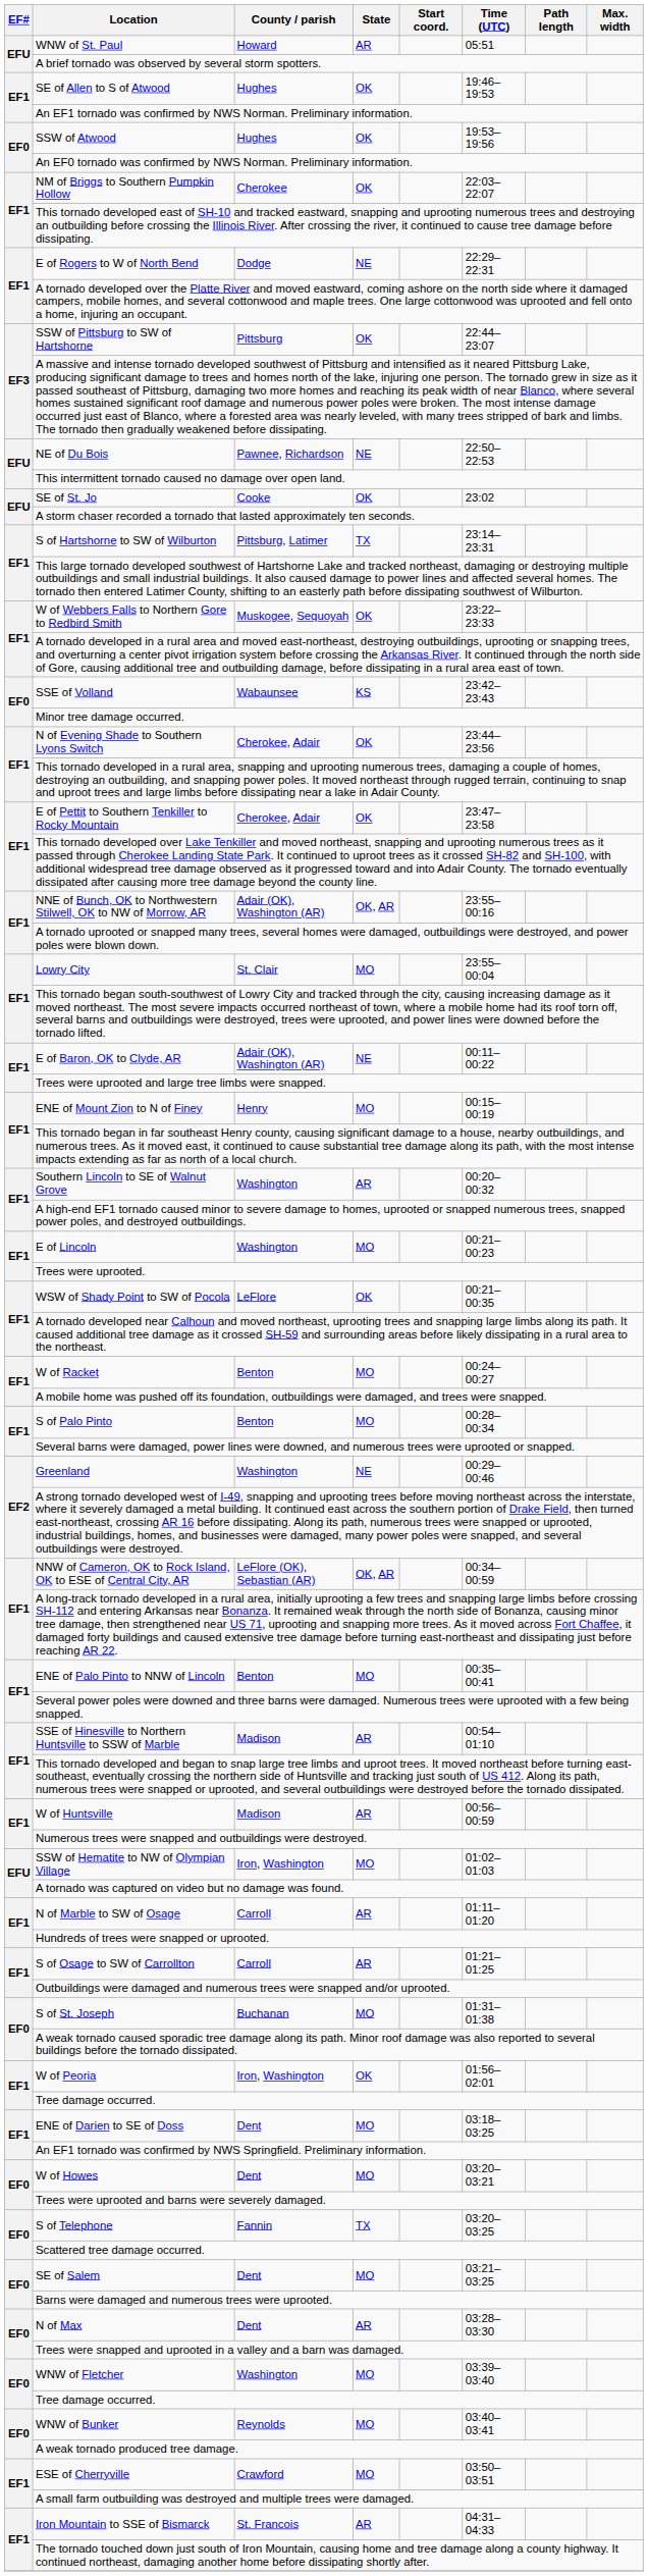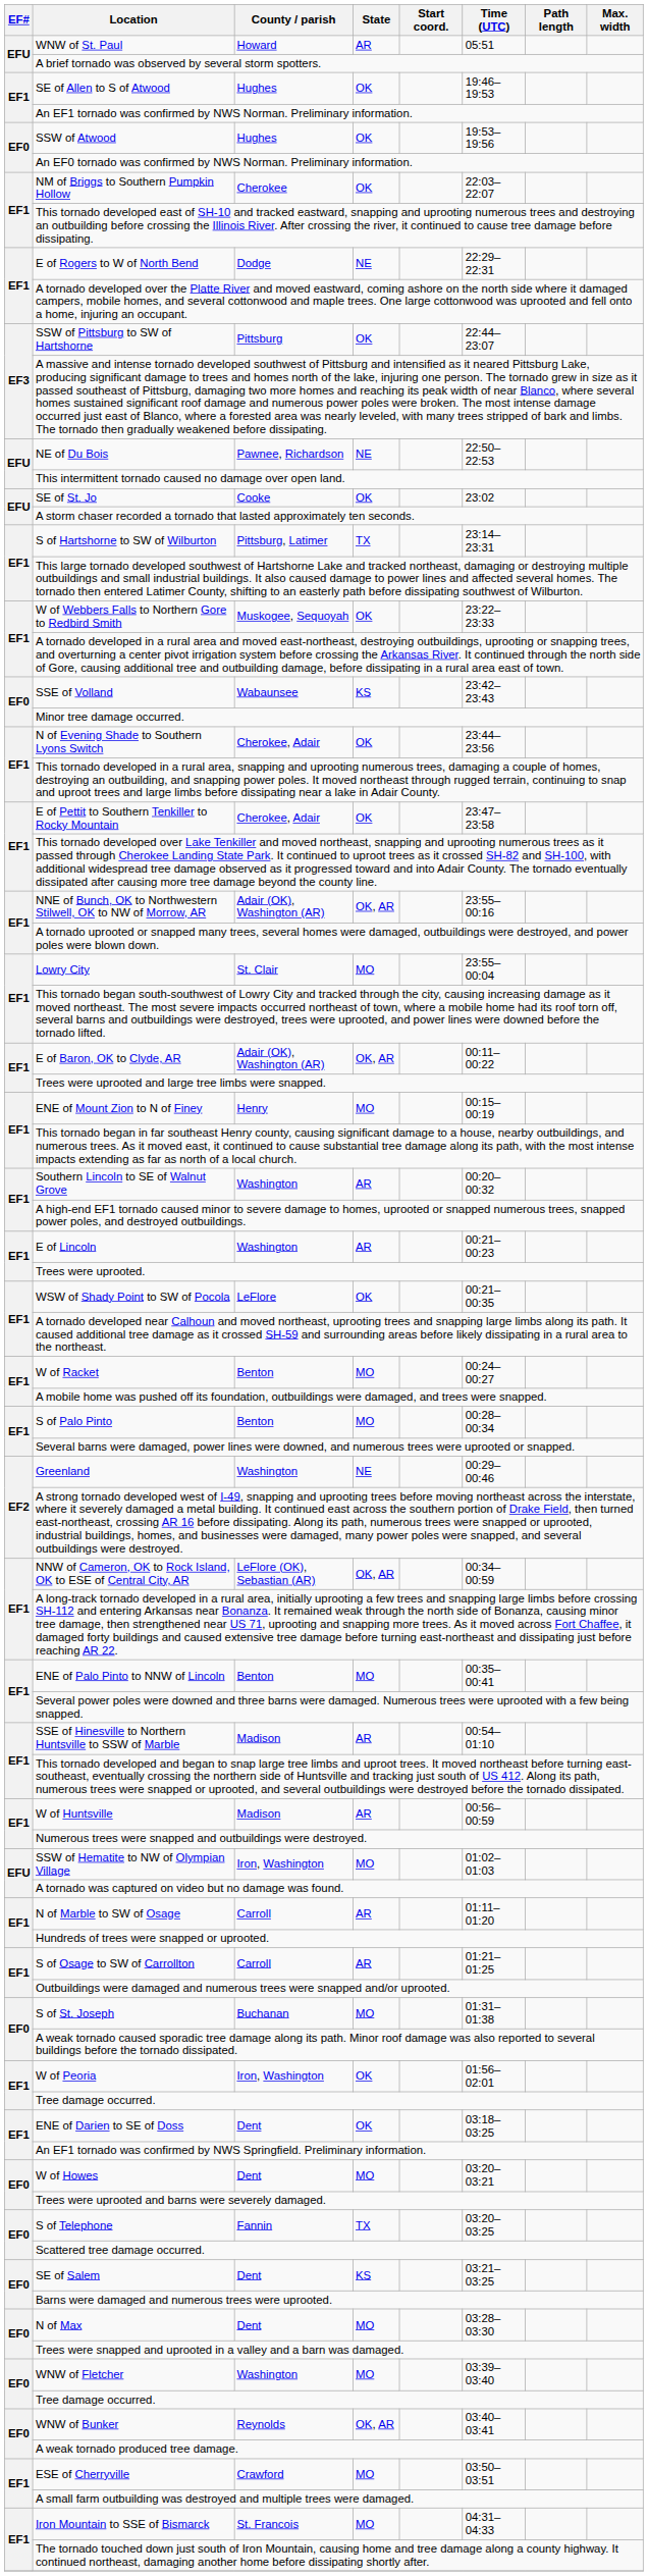 <table class="wikitable sortable" style="width:100%;">
 <tr>
 <th scope="col" width="2%" align="center"><a href='#'>EF#</a></th>
 <th scope="col" align="center" class="unsortable">Location</th>
 <th scope="col" align="center" class="unsortable">County / parish</th>
 <th scope="col" align="center">State</th>
 <th scope="col" align="center">Start coord.</th>
 <th scope="col" align="center">Time (<a href='#'>UTC</a>)</th>
 <th scope="col" align="center">Path length</th>
 <th scope="col" align="center">Max. width</th>
 </tr>
 <tr>
 <th scope="row" rowspan="2" style="background-color:#">EFU</th>
 <td>WNW of <a href='#'>St. Paul</a></td>
 <td><a href='#'>Howard</a></td>
 <td><a href='#'>AR</a></td>
 <td></td>
 <td>05:51</td>
 <td></td>
 <td></td>
 </tr>
 <tr class="expand-child">
 <td colspan="7" border-bottom: 1px solid black;>A brief tornado was observed by several storm spotters.</td>
 </tr>
 <tr>
 <th scope="row" rowspan="2" style="background-color:#">EF1</th>
 <td>SE of <a href='#'>Allen</a> to S of <a href='#'>Atwood</a></td>
 <td><a href='#'>Hughes</a></td>
 <td><a href='#'>OK</a></td>
 <td></td>
 <td>19:46–19:53</td>
 <td></td>
 <td></td>
 </tr>
 <tr class="expand-child">
 <td colspan="7" border-bottom: 1px solid black;>An EF1 tornado was confirmed by NWS Norman. Preliminary information.</td>
 </tr>
 <tr>
 <th scope="row" rowspan="2" style="background-color:#">EF0</th>
 <td>SSW of <a href='#'>Atwood</a></td>
 <td><a href='#'>Hughes</a></td>
 <td><a href='#'>OK</a></td>
 <td></td>
 <td>19:53–19:56</td>
 <td></td>
 <td></td>
 </tr>
 <tr class="expand-child">
 <td colspan="7" border-bottom: 1px solid black;>An EF0 tornado was confirmed by NWS Norman. Preliminary information.</td>
 </tr>
 <tr>
 <th scope="row" rowspan="2" style="background-color:#">EF1</th>
 <td>NM of <a href='#'>Briggs</a> to Southern <a href='#'>Pumpkin Hollow</a></td>
 <td><a href='#'>Cherokee</a></td>
 <td><a href='#'>OK</a></td>
 <td></td>
 <td>22:03–22:07</td>
 <td></td>
 <td></td>
 </tr>
 <tr class="expand-child">
 <td colspan="7" border-bottom: 1px solid black;>This tornado developed east of <a href='#'>SH-10</a> and tracked eastward, snapping and uprooting numerous trees and destroying an outbuilding before crossing the <a href='#'>Illinois River</a>. After crossing the river, it continued to cause tree damage before dissipating.</td>
 </tr>
 <tr>
 <th scope="row" rowspan="2" style="background-color:#">EF1</th>
 <td>E of <a href='#'>Rogers</a> to W of <a href='#'>North Bend</a></td>
 <td><a href='#'>Dodge</a></td>
 <td><a href='#'>NE</a></td>
 <td></td>
 <td>22:29–22:31</td>
 <td></td>
 <td></td>
 </tr>
 <tr class="expand-child">
 <td colspan="7" border-bottom: 1px solid black;>A tornado developed over the <a href='#'>Platte River</a> and moved eastward, coming ashore on the north side where it damaged campers, mobile homes, and several cottonwood and maple trees. One large cottonwood was uprooted and fell onto a home, injuring an occupant.</td>
 </tr>
 <tr>
 <th scope="row" rowspan="2" style="background-color:#">EF3</th>
 <td>SSW of <a href='#'>Pittsburg</a> to SW of <a href='#'>Hartshorne</a></td>
 <td><a href='#'>Pittsburg</a></td>
 <td><a href='#'>OK</a></td>
 <td></td>
 <td>22:44–23:07</td>
 <td></td>
 <td></td>
 </tr>
 <tr class="expand-child">
 <td colspan="7" border-bottom: 1px solid black;>A massive and intense tornado developed southwest of Pittsburg and intensified as it neared Pittsburg Lake, producing significant damage to trees and homes north of the lake, injuring one person. The tornado grew in size as it passed southeast of Pittsburg, damaging two more homes and reaching its peak width of  near <a href='#'>Blanco</a>, where several homes sustained significant roof damage and numerous power poles were broken. The most intense damage occurred just east of Blanco, where a forested area was nearly leveled, with many trees stripped of bark and limbs. The tornado then gradually weakened before dissipating.</td>
 </tr>
 <tr>
 <th scope="row" rowspan="2" style="background-color:#">EFU</th>
 <td>NE of <a href='#'>Du Bois</a></td>
 <td><a href='#'>Pawnee</a>, <a href='#'>Richardson</a></td>
 <td><a href='#'>NE</a></td>
 <td></td>
 <td>22:50–22:53</td>
 <td></td>
 <td></td>
 </tr>
 <tr class="expand-child">
 <td colspan="7" border-bottom: 1px solid black;>This intermittent tornado caused no damage over open land.</td>
 </tr>
 <tr>
 <th scope="row" rowspan="2" style="background-color:#">EFU</th>
 <td>SE of <a href='#'>St. Jo</a></td>
 <td><a href='#'>Cooke</a></td>
 <td><a href='#'>OK</a></td>
 <td></td>
 <td>23:02</td>
 <td></td>
 <td></td>
 </tr>
 <tr class="expand-child">
 <td colspan="7" border-bottom: 1px solid black;>A storm chaser recorded a tornado that lasted approximately ten seconds.</td>
 </tr>
 <tr>
 <th scope="row" rowspan="2" style="background-color:#">EF1</th>
 <td>S of <a href='#'>Hartshorne</a> to SW of <a href='#'>Wilburton</a></td>
 <td><a href='#'>Pittsburg</a>, <a href='#'>Latimer</a></td>
 <td><a href='#'>TX</a></td>
 <td></td>
 <td>23:14–23:31</td>
 <td></td>
 <td></td>
 </tr>
 <tr class="expand-child">
 <td colspan="7" border-bottom: 1px solid black;>This large tornado developed southwest of Hartshorne Lake and tracked northeast, damaging or destroying multiple outbuildings and small industrial buildings. It also caused damage to power lines and affected several homes. The tornado then entered Latimer County, shifting to an easterly path before dissipating southwest of Wilburton.</td>
 </tr>
 <tr>
 <th scope="row" rowspan="2" style="background-color:#">EF1</th>
 <td>W of <a href='#'>Webbers Falls</a> to Northern <a href='#'>Gore</a> to <a href='#'>Redbird Smith</a></td>
 <td><a href='#'>Muskogee</a>, <a href='#'>Sequoyah</a></td>
 <td><a href='#'>OK</a></td>
 <td></td>
 <td>23:22–23:33</td>
 <td></td>
 <td></td>
 </tr>
 <tr class="expand-child">
 <td colspan="7" border-bottom: 1px solid black;>A tornado developed in a rural area and moved east-northeast, destroying outbuildings, uprooting or snapping trees, and overturning a center pivot irrigation system before crossing the <a href='#'>Arkansas River</a>. It continued through the north side of Gore, causing additional tree and outbuilding damage, before dissipating in a rural area east of town.</td>
 </tr>
 <tr>
 <th scope="row" rowspan="2" style="background-color:#">EF0</th>
 <td>SSE of <a href='#'>Volland</a></td>
 <td><a href='#'>Wabaunsee</a></td>
 <td><a href='#'>KS</a></td>
 <td></td>
 <td>23:42–23:43</td>
 <td></td>
 <td></td>
 </tr>
 <tr class="expand-child">
 <td colspan="7" border-bottom: 1px solid black;>Minor tree damage occurred.</td>
 </tr>
 <tr>
 <th scope="row" rowspan="2" style="background-color:#">EF1</th>
 <td>N of <a href='#'>Evening Shade</a> to Southern <a href='#'>Lyons Switch</a></td>
 <td><a href='#'>Cherokee</a>, <a href='#'>Adair</a></td>
 <td><a href='#'>OK</a></td>
 <td></td>
 <td>23:44–23:56</td>
 <td></td>
 <td></td>
 </tr>
 <tr class="expand-child">
 <td colspan="7" border-bottom: 1px solid black;>This tornado developed in a rural area, snapping and uprooting numerous trees, damaging a couple of homes, destroying an outbuilding, and snapping power poles. It moved northeast through rugged terrain, continuing to snap and uproot trees and large limbs before dissipating near a lake in Adair County.</td>
 </tr>
 <tr>
 <th scope="row" rowspan="2" style="background-color:#">EF1</th>
 <td>E of <a href='#'>Pettit</a> to Southern <a href='#'>Tenkiller</a> to <a href='#'>Rocky Mountain</a></td>
 <td><a href='#'>Cherokee</a>, <a href='#'>Adair</a></td>
 <td><a href='#'>OK</a></td>
 <td></td>
 <td>23:47–23:58</td>
 <td></td>
 <td></td>
 </tr>
 <tr class="expand-child">
 <td colspan="7" border-bottom: 1px solid black;>This tornado developed over <a href='#'>Lake Tenkiller</a> and moved northeast, snapping and uprooting numerous trees as it passed through <a href='#'>Cherokee Landing State Park</a>. It continued to uproot trees as it crossed <a href='#'>SH-82</a> and <a href='#'>SH-100</a>, with additional widespread tree damage observed as it progressed toward and into Adair County. The tornado eventually dissipated after causing more tree damage beyond the county line.</td>
 </tr>
 <tr>
 <th scope="row" rowspan="2" style="background-color:#">EF1</th>
 <td>NNE of <a href='#'>Bunch, OK</a> to Northwestern <a href='#'>Stilwell, OK</a> to NW of <a href='#'>Morrow, AR</a></td>
 <td><a href='#'>Adair (OK)</a>, <a href='#'>Washington (AR)</a></td>
 <td><a href='#'>OK</a>, <a href='#'>AR</a></td>
 <td></td>
 <td>23:55–00:16</td>
 <td></td>
 <td></td>
 </tr>
 <tr class="expand-child">
 <td colspan="7" border-bottom: 1px solid black;>A tornado uprooted or snapped many trees, several homes were damaged, outbuildings were destroyed, and power poles were blown down.</td>
 </tr>
 <tr>
 <th scope="row" rowspan="2" style="background-color:#">EF1</th>
 <td><a href='#'>Lowry City</a></td>
 <td><a href='#'>St. Clair</a></td>
 <td><a href='#'>MO</a></td>
 <td></td>
 <td>23:55–00:04</td>
 <td></td>
 <td></td>
 </tr>
 <tr class="expand-child">
 <td colspan="7" border-bottom: 1px solid black;>This tornado began south-southwest of Lowry City and tracked through the city, causing increasing damage as it moved northeast. The most severe impacts occurred northeast of town, where a mobile home had its roof torn off, several barns and outbuildings were destroyed, trees were uprooted, and power lines were downed before the tornado lifted.</td>
 </tr>
 <tr>
 <th scope="row" rowspan="2" style="background-color:#">EF1</th>
 <td>E of <a href='#'>Baron, OK</a> to <a href='#'>Clyde, AR</a></td>
 <td><a href='#'>Adair (OK)</a>, <a href='#'>Washington (AR)</a></td>
-<td><a href='#'>NE</a></td>
+<td><a href='#'>OK</a>, <a href='#'>AR</a></td>
 <td></td>
 <td>00:11–00:22</td>
 <td></td>
 <td></td>
 </tr>
 <tr class="expand-child">
 <td colspan="7" border-bottom: 1px solid black;>Trees were uprooted and large tree limbs were snapped.</td>
 </tr>
 <tr>
 <th scope="row" rowspan="2" style="background-color:#">EF1</th>
 <td>ENE of <a href='#'>Mount Zion</a> to N of <a href='#'>Finey</a></td>
 <td><a href='#'>Henry</a></td>
 <td><a href='#'>MO</a></td>
 <td></td>
 <td>00:15–00:19</td>
 <td></td>
 <td></td>
 </tr>
 <tr class="expand-child">
 <td colspan="7" border-bottom: 1px solid black;>This tornado began in far southeast Henry county, causing significant damage to a house, nearby outbuildings, and numerous trees. As it moved east, it continued to cause substantial tree damage along its path, with the most intense impacts extending as far as north of a local church.</td>
 </tr>
 <tr>
 <th scope="row" rowspan="2" style="background-color:#">EF1</th>
 <td>Southern <a href='#'>Lincoln</a> to SE of <a href='#'>Walnut Grove</a></td>
 <td><a href='#'>Washington</a></td>
 <td><a href='#'>AR</a></td>
 <td></td>
 <td>00:20–00:32</td>
 <td></td>
 <td></td>
 </tr>
 <tr class="expand-child">
 <td colspan="7" border-bottom: 1px solid black;>A high-end EF1 tornado caused minor to severe damage to homes, uprooted or snapped numerous trees, snapped power poles, and destroyed outbuildings.</td>
 </tr>
 <tr>
 <th scope="row" rowspan="2" style="background-color:#">EF1</th>
 <td>E of <a href='#'>Lincoln</a></td>
 <td><a href='#'>Washington</a></td>
-<td><a href='#'>MO</a></td>
+<td><a href='#'>AR</a></td>
 <td></td>
 <td>00:21–00:23</td>
 <td></td>
 <td></td>
 </tr>
 <tr class="expand-child">
 <td colspan="7" border-bottom: 1px solid black;>Trees were uprooted.</td>
 </tr>
 <tr>
 <th scope="row" rowspan="2" style="background-color:#">EF1</th>
 <td>WSW of <a href='#'>Shady Point</a> to SW of <a href='#'>Pocola</a></td>
 <td><a href='#'>LeFlore</a></td>
 <td><a href='#'>OK</a></td>
 <td></td>
 <td>00:21–00:35</td>
 <td></td>
 <td></td>
 </tr>
 <tr class="expand-child">
 <td colspan="7" border-bottom: 1px solid black;>A tornado developed near <a href='#'>Calhoun</a> and moved northeast, uprooting trees and snapping large limbs along its path. It caused additional tree damage as it crossed <a href='#'>SH-59</a> and surrounding areas before likely dissipating in a rural area to the northeast.</td>
 </tr>
 <tr>
 <th scope="row" rowspan="2" style="background-color:#">EF1</th>
 <td>W of <a href='#'>Racket</a></td>
 <td><a href='#'>Benton</a></td>
 <td><a href='#'>MO</a></td>
 <td></td>
 <td>00:24–00:27</td>
 <td></td>
 <td></td>
 </tr>
 <tr class="expand-child">
 <td colspan="7" border-bottom: 1px solid black;>A mobile home was pushed off its foundation, outbuildings were damaged, and trees were snapped.</td>
 </tr>
 <tr>
 <th scope="row" rowspan="2" style="background-color:#">EF1</th>
 <td>S of <a href='#'>Palo Pinto</a></td>
 <td><a href='#'>Benton</a></td>
 <td><a href='#'>MO</a></td>
 <td></td>
 <td>00:28–00:34</td>
 <td></td>
 <td></td>
 </tr>
 <tr class="expand-child">
 <td colspan="7" border-bottom: 1px solid black;>Several barns were damaged, power lines were downed, and numerous trees were uprooted or snapped.</td>
 </tr>
 <tr>
 <th scope="row" rowspan="2" style="background-color:#">EF2</th>
 <td><a href='#'>Greenland</a></td>
 <td><a href='#'>Washington</a></td>
 <td><a href='#'>NE</a></td>
 <td></td>
 <td>00:29–00:46</td>
 <td></td>
 <td></td>
 </tr>
 <tr class="expand-child">
 <td colspan="7" border-bottom: 1px solid black;>A strong tornado developed west of <a href='#'>I-49</a>, snapping and uprooting trees before moving northeast across the interstate, where it severely damaged a metal building. It continued east across the southern portion of <a href='#'>Drake Field</a>, then turned east-northeast, crossing <a href='#'>AR 16</a> before dissipating. Along its path, numerous trees were snapped or uprooted, industrial buildings, homes, and businesses were damaged, many power poles were snapped, and several outbuildings were destroyed.</td>
 </tr>
 <tr>
 <th scope="row" rowspan="2" style="background-color:#">EF1</th>
 <td>NNW of <a href='#'>Cameron, OK</a> to <a href='#'>Rock Island, OK</a> to ESE of <a href='#'>Central City, AR</a></td>
 <td><a href='#'>LeFlore (OK)</a>, <a href='#'>Sebastian (AR)</a></td>
 <td><a href='#'>OK</a>, <a href='#'>AR</a></td>
 <td></td>
 <td>00:34–00:59</td>
 <td></td>
 <td></td>
 </tr>
 <tr class="expand-child">
 <td colspan="7" border-bottom: 1px solid black;>A long-track tornado developed in a rural area, initially uprooting a few trees and snapping large limbs before crossing <a href='#'>SH-112</a> and entering Arkansas near <a href='#'>Bonanza</a>. It remained weak through the north side of Bonanza, causing minor tree damage, then strengthened near <a href='#'>US 71</a>, uprooting and snapping more trees. As it moved across <a href='#'>Fort Chaffee</a>, it damaged forty buildings and caused extensive tree damage before turning east-northeast and dissipating just before reaching <a href='#'>AR 22</a>.</td>
 </tr>
 <tr>
 <th scope="row" rowspan="2" style="background-color:#">EF1</th>
 <td>ENE of <a href='#'>Palo Pinto</a> to NNW of <a href='#'>Lincoln</a></td>
 <td><a href='#'>Benton</a></td>
 <td><a href='#'>MO</a></td>
 <td></td>
 <td>00:35–00:41</td>
 <td></td>
 <td></td>
 </tr>
 <tr class="expand-child">
 <td colspan="7" border-bottom: 1px solid black;>Several power poles were downed and three barns were damaged. Numerous trees were uprooted with a few being snapped.</td>
 </tr>
 <tr>
 <th scope="row" rowspan="2" style="background-color:#">EF1</th>
 <td>SSE of <a href='#'>Hinesville</a> to Northern <a href='#'>Huntsville</a> to SSW of <a href='#'>Marble</a></td>
 <td><a href='#'>Madison</a></td>
 <td><a href='#'>AR</a></td>
 <td></td>
 <td>00:54–01:10</td>
 <td></td>
 <td></td>
 </tr>
 <tr class="expand-child">
 <td colspan="7" border-bottom: 1px solid black;>This tornado developed and began to snap large tree limbs and uproot trees. It moved northeast before turning east-southeast, eventually crossing the northern side of Huntsville and tracking just south of <a href='#'>US 412</a>. Along its path, numerous trees were snapped or uprooted, and several outbuildings were destroyed before the tornado dissipated.</td>
 </tr>
 <tr>
 <th scope="row" rowspan="2" style="background-color:#">EF1</th>
 <td>W of <a href='#'>Huntsville</a></td>
 <td><a href='#'>Madison</a></td>
 <td><a href='#'>AR</a></td>
 <td></td>
 <td>00:56–00:59</td>
 <td></td>
 <td></td>
 </tr>
 <tr class="expand-child">
 <td colspan="7" border-bottom: 1px solid black;>Numerous trees were snapped and outbuildings were destroyed.</td>
 </tr>
 <tr>
 <th scope="row" rowspan="2" style="background-color:#">EFU</th>
 <td>SSW of <a href='#'>Hematite</a> to NW of <a href='#'>Olympian Village</a></td>
 <td><a href='#'>Iron</a>, <a href='#'>Washington</a></td>
 <td><a href='#'>MO</a></td>
 <td></td>
 <td>01:02–01:03</td>
 <td></td>
 <td></td>
 </tr>
 <tr class="expand-child">
 <td colspan="7" border-bottom: 1px solid black;>A tornado was captured on video but no damage was found.</td>
 </tr>
 <tr>
 <th scope="row" rowspan="2" style="background-color:#">EF1</th>
 <td>N of <a href='#'>Marble</a> to SW of <a href='#'>Osage</a></td>
 <td><a href='#'>Carroll</a></td>
 <td><a href='#'>AR</a></td>
 <td></td>
 <td>01:11–01:20</td>
 <td></td>
 <td></td>
 </tr>
 <tr class="expand-child">
 <td colspan="7" border-bottom: 1px solid black;>Hundreds of trees were snapped or uprooted.</td>
 </tr>
 <tr>
 <th scope="row" rowspan="2" style="background-color:#">EF1</th>
 <td>S of <a href='#'>Osage</a> to SW of <a href='#'>Carrollton</a></td>
 <td><a href='#'>Carroll</a></td>
 <td><a href='#'>AR</a></td>
 <td></td>
 <td>01:21–01:25</td>
 <td></td>
 <td></td>
 </tr>
 <tr class="expand-child">
 <td colspan="7" border-bottom: 1px solid black;>Outbuildings were damaged and numerous trees were snapped and/or uprooted.</td>
 </tr>
 <tr>
 <th scope="row" rowspan="2" style="background-color:#">EF0</th>
 <td>S of <a href='#'>St. Joseph</a></td>
 <td><a href='#'>Buchanan</a></td>
 <td><a href='#'>MO</a></td>
 <td></td>
 <td>01:31–01:38</td>
 <td></td>
 <td></td>
 </tr>
 <tr class="expand-child">
 <td colspan="7" border-bottom: 1px solid black;>A weak tornado caused sporadic tree damage along its path. Minor roof damage was also reported to several buildings before the tornado dissipated.</td>
 </tr>
 <tr>
 <th scope="row" rowspan="2" style="background-color:#">EF1</th>
 <td>W of <a href='#'>Peoria</a></td>
 <td><a href='#'>Iron</a>, <a href='#'>Washington</a></td>
 <td><a href='#'>OK</a></td>
 <td></td>
 <td>01:56–02:01</td>
 <td></td>
 <td></td>
 </tr>
 <tr class="expand-child">
 <td colspan="7" border-bottom: 1px solid black;>Tree damage occurred.</td>
 </tr>
 <tr>
 <th scope="row" rowspan="2" style="background-color:#">EF1</th>
 <td>ENE of <a href='#'>Darien</a> to SE of <a href='#'>Doss</a></td>
 <td><a href='#'>Dent</a></td>
-<td><a href='#'>MO</a></td>
+<td><a href='#'>OK</a></td>
 <td></td>
 <td>03:18–03:25</td>
 <td></td>
 <td></td>
 </tr>
 <tr class="expand-child">
 <td colspan="7" border-bottom: 1px solid black;>An EF1 tornado was confirmed by NWS Springfield. Preliminary information.</td>
 </tr>
 <tr>
 <th scope="row" rowspan="2" style="background-color:#">EF0</th>
 <td>W of <a href='#'>Howes</a></td>
 <td><a href='#'>Dent</a></td>
 <td><a href='#'>MO</a></td>
 <td></td>
 <td>03:20–03:21</td>
 <td></td>
 <td></td>
 </tr>
 <tr class="expand-child">
 <td colspan="7" border-bottom: 1px solid black;>Trees were uprooted and barns were severely damaged.</td>
 </tr>
 <tr>
 <th scope="row" rowspan="2" style="background-color:#">EF0</th>
 <td>S of <a href='#'>Telephone</a></td>
 <td><a href='#'>Fannin</a></td>
 <td><a href='#'>TX</a></td>
 <td></td>
 <td>03:20–03:25</td>
 <td></td>
 <td></td>
 </tr>
 <tr class="expand-child">
 <td colspan="7" border-bottom: 1px solid black;>Scattered tree damage occurred.</td>
 </tr>
 <tr>
 <th scope="row" rowspan="2" style="background-color:#">EF0</th>
 <td>SE of <a href='#'>Salem</a></td>
 <td><a href='#'>Dent</a></td>
-<td><a href='#'>MO</a></td>
+<td><a href='#'>KS</a></td>
 <td></td>
 <td>03:21–03:25</td>
 <td></td>
 <td></td>
 </tr>
 <tr class="expand-child">
 <td colspan="7" border-bottom: 1px solid black;>Barns were damaged and numerous trees were uprooted.</td>
 </tr>
 <tr>
 <th scope="row" rowspan="2" style="background-color:#">EF0</th>
 <td>N of <a href='#'>Max</a></td>
 <td><a href='#'>Dent</a></td>
-<td><a href='#'>AR</a></td>
+<td><a href='#'>MO</a></td>
 <td></td>
 <td>03:28–03:30</td>
 <td></td>
 <td></td>
 </tr>
 <tr class="expand-child">
 <td colspan="7" border-bottom: 1px solid black;>Trees were snapped and uprooted in a valley and a barn was damaged.</td>
 </tr>
 <tr>
 <th scope="row" rowspan="2" style="background-color:#">EF0</th>
 <td>WNW of <a href='#'>Fletcher</a></td>
 <td><a href='#'>Washington</a></td>
 <td><a href='#'>MO</a></td>
 <td></td>
 <td>03:39–03:40</td>
 <td></td>
 <td></td>
 </tr>
 <tr class="expand-child">
 <td colspan="7" border-bottom: 1px solid black;>Tree damage occurred.</td>
 </tr>
 <tr>
 <th scope="row" rowspan="2" style="background-color:#">EF0</th>
 <td>WNW of <a href='#'>Bunker</a></td>
 <td><a href='#'>Reynolds</a></td>
-<td><a href='#'>MO</a></td>
+<td><a href='#'>OK</a>, <a href='#'>AR</a></td>
 <td></td>
 <td>03:40–03:41</td>
 <td></td>
 <td></td>
 </tr>
 <tr class="expand-child">
 <td colspan="7" border-bottom: 1px solid black;>A weak tornado produced tree damage.</td>
 </tr>
 <tr>
 <th scope="row" rowspan="2" style="background-color:#">EF1</th>
 <td>ESE of <a href='#'>Cherryville</a></td>
 <td><a href='#'>Crawford</a></td>
 <td><a href='#'>MO</a></td>
 <td></td>
 <td>03:50–03:51</td>
 <td></td>
 <td></td>
 </tr>
 <tr class="expand-child">
 <td colspan="7" border-bottom: 1px solid black;>A small farm outbuilding was destroyed and multiple trees were damaged.</td>
 </tr>
 <tr>
 <th scope="row" rowspan="2" style="background-color:#">EF1</th>
 <td><a href='#'>Iron Mountain</a> to SSE of <a href='#'>Bismarck</a></td>
 <td><a href='#'>St. Francois</a></td>
-<td><a href='#'>AR</a></td>
+<td><a href='#'>MO</a></td>
 <td></td>
 <td>04:31–04:33</td>
 <td></td>
 <td></td>
 </tr>
 <tr class="expand-child">
 <td colspan="7" border-bottom: 1px solid black;>The tornado touched down just south of Iron Mountain, causing home and tree damage along a county highway. It continued northeast, damaging another home before dissipating shortly after.</td>
 </tr>
 <tr>
 </tr>
 </table>
